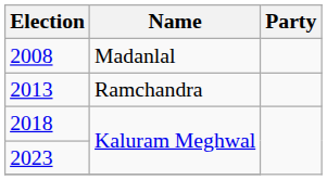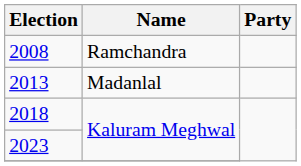 <table class="wikitable sortable">
 <tr>
 <th>Election</th>
 <th>Name</th>
 <th colspan=2>Party</th>
 </tr>
 <tr>
 <td><a href='#'>2008</a></td>
-<td>Madanlal</td>
+<td>Ramchandra</td>
 <td></td>
 </tr>
 <tr>
 <td><a href='#'>2013</a></td>
-<td>Ramchandra</td>
+<td>Madanlal</td>
 <td></td>
 </tr>
 <tr>
 <td><a href='#'>2018</a></td>
 <td rowspan=2><a href='#'>Kaluram Meghwal</a></td>
 </tr>
 <tr>
 <td><a href='#'>2023</a></td>
 </tr>
 <tr>
 </tr>
 </table>
